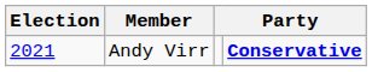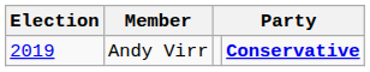 <table class="wikitable">
 <tr>
 <th>Election</th>
 <th>Member</th>
 <th colspan="2">Party</th>
 </tr>
 <tr>
-<td><a href='#'>2021</a></td>
+<td><a href='#'>2019</a></td>
 <td>Andy Virr</td>
 <td style="background-color: "></td>
 <td><strong><a href='#'>Conservative</a></strong></td>
 </tr>
 </table>
